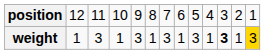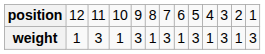 <table class="wikitable" style="text-align: center">
 <tr>
 <th>position</th>
 <td>12</td>
 <td>11</td>
 <td>10</td>
 <td>9</td>
 <td>8</td>
 <td>7</td>
 <td>6</td>
 <td>5</td>
 <td>4</td>
 <td>3</td>
 <td>2</td>
 <td>1</td>
 </tr>
 <tr>
 <th>weight</th>
 <td>1</td>
 <td>3</td>
 <td>1</td>
 <td>3</td>
 <td>1</td>
 <td>3</td>
 <td>1</td>
 <td>3</td>
 <td>1</td>
-<td><strong>3</strong></td>
+<td>3</td>
 <td>1</td>
-<td style="background: gold;">3</td>
+<td>3</td>
 </tr>
 </table>
